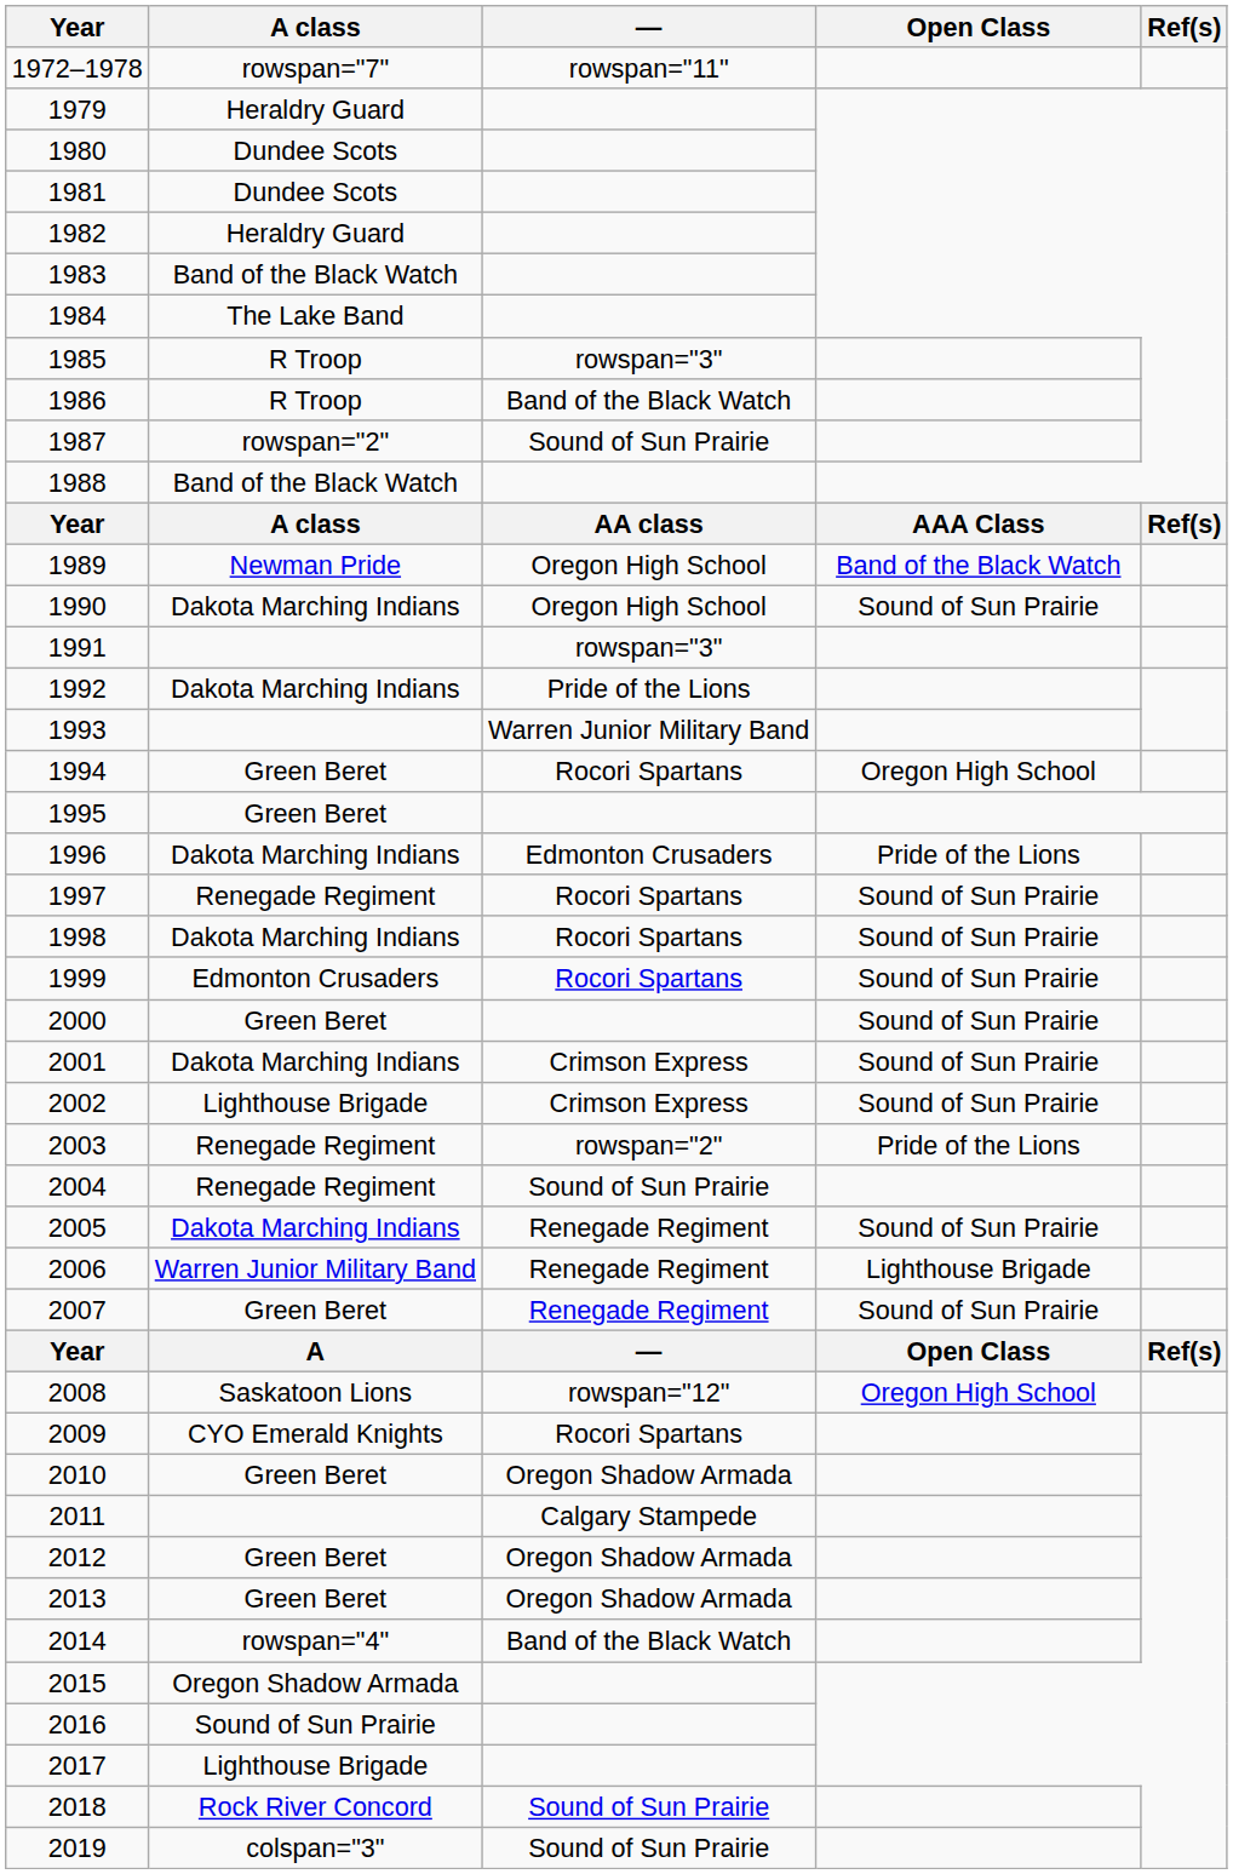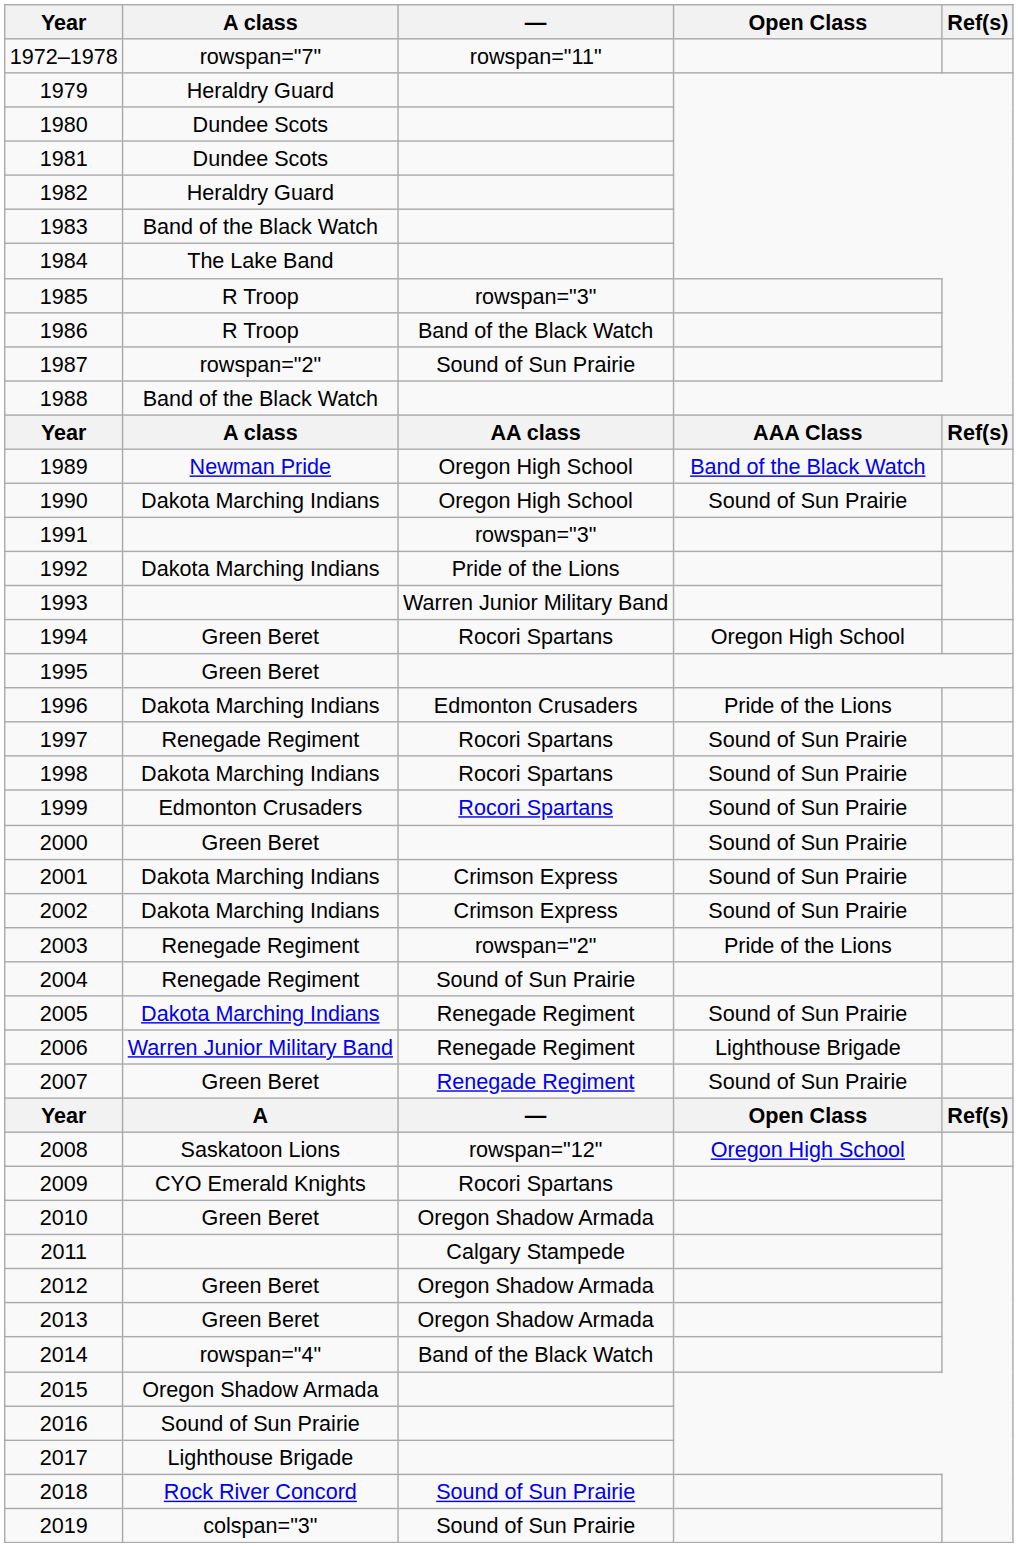 <table class="wikitable" style="font-size: 95%; text-align: center;">
 <tr>
 <th>Year</th>
 <th style="min-width: 12em;">A class</th>
 <th style="min-width: 12em;">—</th>
 <th style="min-width: 12em;">Open Class</th>
 <th>Ref(s)</th>
 </tr>
 <tr>
 <td>1972–1978</td>
 <td>rowspan="7" </td>
 <td>rowspan="11" </td>
 <td></td>
 <td></td>
 </tr>
 <tr>
 <td>1979</td>
 <td>Heraldry Guard</td>
 <td></td>
 </tr>
 <tr>
 <td>1980</td>
 <td>Dundee Scots</td>
 <td></td>
 </tr>
 <tr>
 <td>1981</td>
 <td>Dundee Scots</td>
 <td></td>
 </tr>
 <tr>
 <td>1982</td>
 <td>Heraldry Guard</td>
 <td></td>
 </tr>
 <tr>
 <td>1983</td>
 <td>Band of the Black Watch</td>
 <td></td>
 </tr>
 <tr>
 <td>1984</td>
 <td>The Lake Band</td>
 <td></td>
 </tr>
 <tr>
 <td>1985</td>
 <td>R Troop</td>
 <td>rowspan="3" </td>
 <td></td>
 </tr>
 <tr>
 <td>1986</td>
 <td>R Troop</td>
 <td>Band of the Black Watch</td>
 <td></td>
 </tr>
 <tr>
 <td>1987</td>
 <td>rowspan="2" </td>
 <td>Sound of Sun Prairie</td>
 <td></td>
 </tr>
 <tr>
 <td>1988</td>
 <td>Band of the Black Watch</td>
 <td></td>
 </tr>
 <tr>
 <th>Year</th>
 <th>A class</th>
 <th>AA class</th>
 <th>AAA Class</th>
 <th>Ref(s)</th>
 </tr>
 <tr>
 <td>1989</td>
 <td><a href='#'>Newman Pride</a></td>
 <td>Oregon High School</td>
 <td><a href='#'>Band of the Black Watch</a></td>
 <td></td>
 </tr>
 <tr>
 <td>1990</td>
 <td>Dakota Marching Indians</td>
 <td>Oregon High School</td>
 <td>Sound of Sun Prairie</td>
 <td></td>
 </tr>
 <tr>
 <td>1991</td>
 <td></td>
 <td>rowspan="3" </td>
 <td></td>
 <td></td>
 </tr>
 <tr>
 <td>1992</td>
 <td>Dakota Marching Indians</td>
 <td>Pride of the Lions</td>
 <td></td>
 </tr>
 <tr>
 <td>1993</td>
 <td></td>
 <td>Warren Junior Military Band</td>
 <td></td>
 </tr>
 <tr>
 <td>1994</td>
 <td>Green Beret</td>
 <td>Rocori Spartans</td>
 <td>Oregon High School</td>
 <td></td>
 </tr>
 <tr>
 <td>1995</td>
 <td>Green Beret</td>
 <td></td>
 </tr>
 <tr>
 <td>1996</td>
 <td>Dakota Marching Indians</td>
 <td>Edmonton Crusaders</td>
 <td>Pride of the Lions</td>
 <td></td>
 </tr>
 <tr>
 <td>1997</td>
 <td>Renegade Regiment</td>
 <td>Rocori Spartans</td>
 <td>Sound of Sun Prairie</td>
 <td></td>
 </tr>
 <tr>
 <td>1998</td>
 <td>Dakota Marching Indians</td>
 <td>Rocori Spartans</td>
 <td>Sound of Sun Prairie</td>
 <td></td>
 </tr>
 <tr>
 <td>1999</td>
 <td>Edmonton Crusaders</td>
 <td><a href='#'>Rocori Spartans</a></td>
 <td>Sound of Sun Prairie</td>
 <td></td>
 </tr>
 <tr>
 <td>2000</td>
 <td>Green Beret</td>
 <td></td>
 <td>Sound of Sun Prairie</td>
 <td></td>
 </tr>
 <tr>
 <td>2001</td>
 <td>Dakota Marching Indians</td>
 <td>Crimson Express</td>
 <td>Sound of Sun Prairie</td>
 <td></td>
 </tr>
 <tr>
 <td>2002</td>
-<td>Lighthouse Brigade</td>
+<td>Dakota Marching Indians</td>
 <td>Crimson Express</td>
 <td>Sound of Sun Prairie</td>
 <td></td>
 </tr>
 <tr>
 <td>2003</td>
 <td>Renegade Regiment</td>
 <td>rowspan="2" </td>
 <td>Pride of the Lions</td>
 <td></td>
 </tr>
 <tr>
 <td>2004</td>
 <td>Renegade Regiment</td>
 <td>Sound of Sun Prairie</td>
 <td></td>
 </tr>
 <tr>
 <td>2005</td>
 <td><a href='#'>Dakota Marching Indians</a></td>
 <td>Renegade Regiment</td>
 <td>Sound of Sun Prairie</td>
 <td></td>
 </tr>
 <tr>
 <td>2006</td>
 <td><a href='#'>Warren Junior Military Band</a></td>
 <td>Renegade Regiment</td>
 <td>Lighthouse Brigade</td>
 <td></td>
 </tr>
 <tr>
 <td>2007</td>
 <td>Green Beret</td>
 <td><a href='#'>Renegade Regiment</a></td>
 <td>Sound of Sun Prairie</td>
 <td></td>
 </tr>
 <tr>
 <th>Year</th>
 <th>A</th>
 <th>—</th>
 <th>Open Class</th>
 <th>Ref(s)</th>
 </tr>
 <tr>
 <td>2008</td>
 <td>Saskatoon Lions</td>
 <td>rowspan="12" </td>
 <td><a href='#'>Oregon High School</a></td>
 <td></td>
 </tr>
 <tr>
 <td>2009</td>
 <td>CYO Emerald Knights</td>
 <td>Rocori Spartans</td>
 <td></td>
 </tr>
 <tr>
 <td>2010</td>
 <td>Green Beret</td>
 <td>Oregon Shadow Armada</td>
 <td></td>
 </tr>
 <tr>
 <td>2011</td>
 <td></td>
 <td>Calgary Stampede</td>
 <td></td>
 </tr>
 <tr>
 <td>2012</td>
 <td>Green Beret</td>
 <td>Oregon Shadow Armada</td>
 <td></td>
 </tr>
 <tr>
 <td>2013</td>
 <td>Green Beret</td>
 <td>Oregon Shadow Armada</td>
 <td></td>
 </tr>
 <tr>
 <td>2014</td>
 <td>rowspan="4" </td>
 <td>Band of the Black Watch</td>
 <td></td>
 </tr>
 <tr>
 <td>2015</td>
 <td>Oregon Shadow Armada</td>
 <td></td>
 </tr>
 <tr>
 <td>2016</td>
 <td>Sound of Sun Prairie</td>
 <td></td>
 </tr>
 <tr>
 <td>2017</td>
 <td>Lighthouse Brigade</td>
 <td></td>
 </tr>
 <tr>
 <td>2018</td>
 <td><a href='#'>Rock River Concord</a></td>
 <td><a href='#'>Sound of Sun Prairie</a></td>
 <td></td>
 </tr>
 <tr>
 <td>2019</td>
 <td>colspan="3" </td>
 <td>Sound of Sun Prairie</td>
 <td></td>
 </tr>
 </table>
